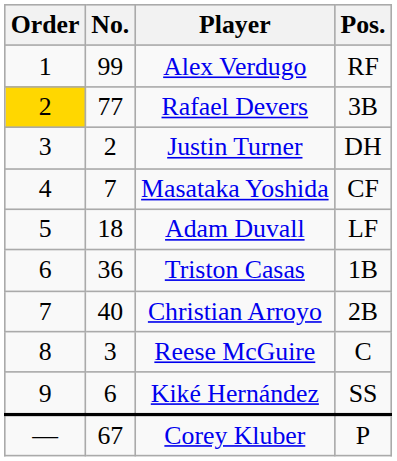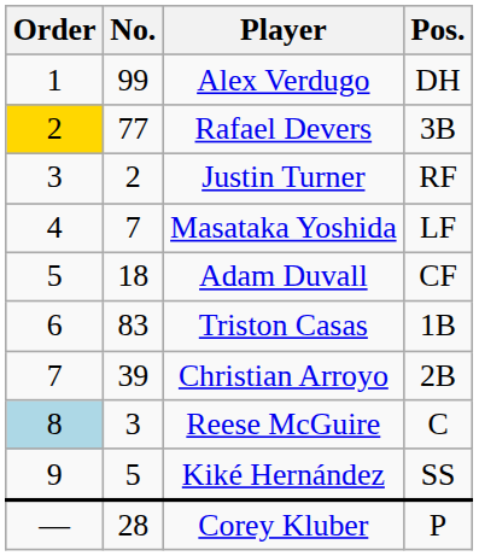 <table class="wikitable plainrowheaders" style="text-align:center;">
 <tr>
 <th>Order</th>
 <th>No.</th>
 <th>Player</th>
 <th>Pos.</th>
 </tr>
 <tr>
 <td>1</td>
 <td>99</td>
 <td><a href='#'>Alex Verdugo</a></td>
-<td>RF</td>
+<td>DH</td>
 </tr>
 <tr>
 <td style="background: gold;">2</td>
 <td>77</td>
 <td><a href='#'>Rafael Devers</a></td>
 <td>3B</td>
 </tr>
 <tr>
 <td>3</td>
 <td>2</td>
 <td><a href='#'>Justin Turner</a></td>
-<td>DH</td>
+<td>RF</td>
 </tr>
 <tr>
 <td>4</td>
 <td>7</td>
 <td><a href='#'>Masataka Yoshida</a></td>
-<td>CF</td>
+<td>LF</td>
 </tr>
 <tr>
 <td>5</td>
 <td>18</td>
 <td><a href='#'>Adam Duvall</a></td>
-<td>LF</td>
+<td>CF</td>
 </tr>
 <tr>
 <td>6</td>
-<td>36</td>
+<td>83</td>
 <td><a href='#'>Triston Casas</a></td>
 <td>1B</td>
 </tr>
 <tr>
 <td>7</td>
-<td>40</td>
+<td>39</td>
 <td><a href='#'>Christian Arroyo</a></td>
 <td>2B</td>
 </tr>
 <tr>
-<td>8</td>
+<td style="background: lightblue;">8</td>
 <td>3</td>
 <td><a href='#'>Reese McGuire</a></td>
 <td>C</td>
 </tr>
 <tr style="border-bottom:2px solid black">
 <td>9</td>
-<td>6</td>
+<td>5</td>
 <td><a href='#'>Kiké Hernández</a></td>
 <td>SS</td>
 </tr>
 <tr>
 <td>—</td>
-<td>67</td>
+<td>28</td>
 <td><a href='#'>Corey Kluber</a></td>
 <td>P</td>
 </tr>
 </table>
